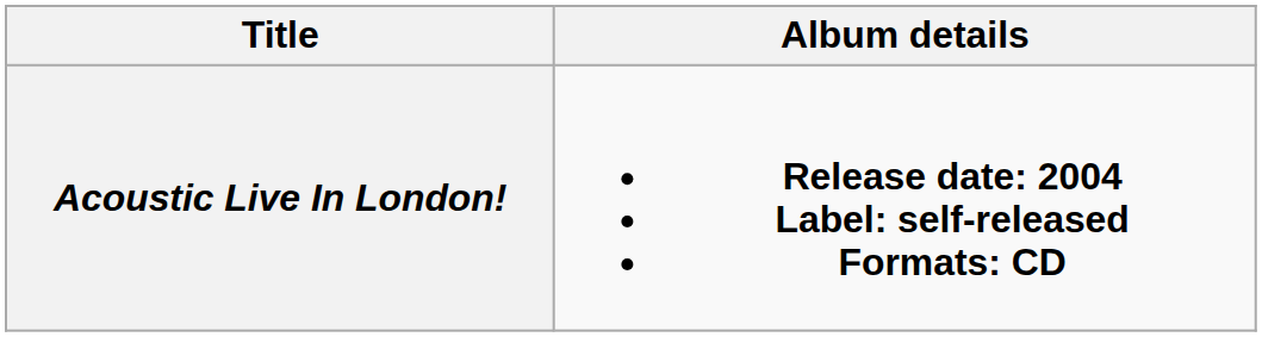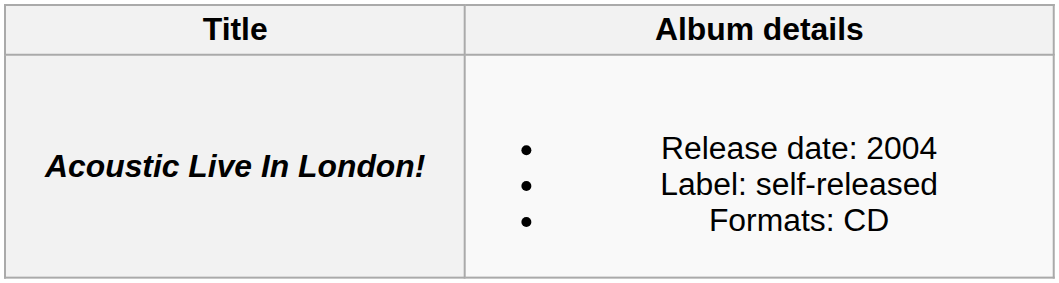 <table class="wikitable plainrowheaders" style="text-align:center;">
 <tr>
 <th style="width:14em;">Title</th>
 <th style="width:18em;">Album details</th>
 </tr>
 <tr>
 <th scope="row"><em>Acoustic Live In London!</em></th>
-<td><strong><br><ul><li>Release date: 2004</li><li>Label: self-released</li><li>Formats: CD</li></ul></strong></td>
+<td><br><ul><li>Release date: 2004</li><li>Label: self-released</li><li>Formats: CD</li></ul></td>
 </tr>
 </table>
